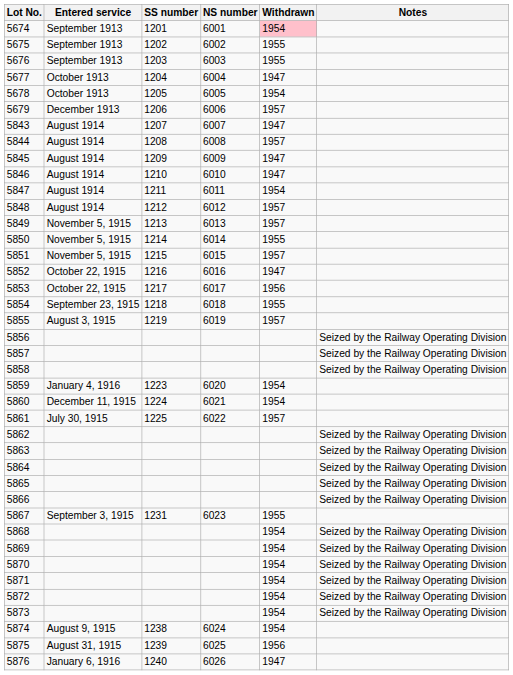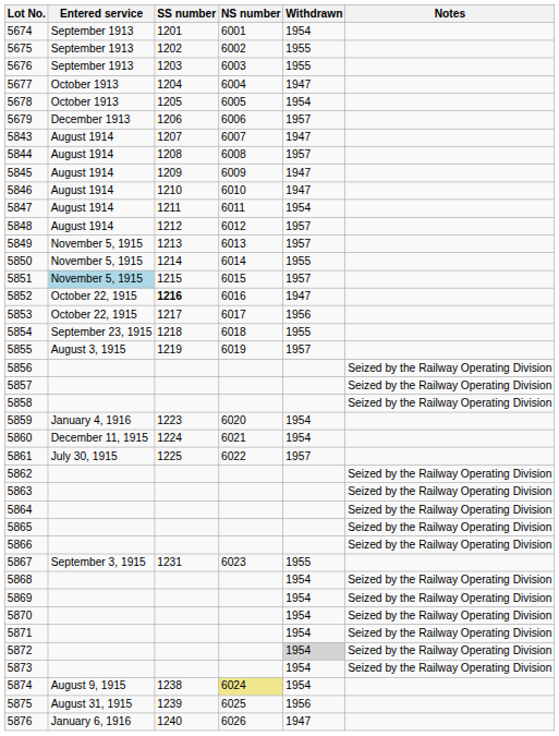 <table class="wikitable sortable mw-collapsible" style="float">
 <tr>
 <th>Lot No.</th>
 <th>Entered service</th>
 <th>SS number</th>
 <th>NS number</th>
 <th>Withdrawn</th>
 <th>Notes</th>
 </tr>
 <tr>
 <td>5674</td>
 <td>September 1913</td>
 <td>1201</td>
 <td>6001</td>
-<td style="background: pink;">1954</td>
+<td>1954</td>
 <td></td>
 </tr>
 <tr>
 <td>5675</td>
 <td>September 1913</td>
 <td>1202</td>
 <td>6002</td>
 <td>1955</td>
 <td></td>
 </tr>
 <tr>
 <td>5676</td>
 <td>September 1913</td>
 <td>1203</td>
 <td>6003</td>
 <td>1955</td>
 <td></td>
 </tr>
 <tr>
 <td>5677</td>
 <td>October 1913</td>
 <td>1204</td>
 <td>6004</td>
 <td>1947</td>
 <td></td>
 </tr>
 <tr>
 <td>5678</td>
 <td>October 1913</td>
 <td>1205</td>
 <td>6005</td>
 <td>1954</td>
 <td></td>
 </tr>
 <tr>
 <td>5679</td>
 <td>December 1913</td>
 <td>1206</td>
 <td>6006</td>
 <td>1957</td>
 <td></td>
 </tr>
 <tr>
 <td>5843</td>
 <td>August 1914</td>
 <td>1207</td>
 <td>6007</td>
 <td>1947</td>
 <td></td>
 </tr>
 <tr>
 <td>5844</td>
 <td>August 1914</td>
 <td>1208</td>
 <td>6008</td>
 <td>1957</td>
 <td></td>
 </tr>
 <tr>
 <td>5845</td>
 <td>August 1914</td>
 <td>1209</td>
 <td>6009</td>
 <td>1947</td>
 <td></td>
 </tr>
 <tr>
 <td>5846</td>
 <td>August 1914</td>
 <td>1210</td>
 <td>6010</td>
 <td>1947</td>
 <td></td>
 </tr>
 <tr>
 <td>5847</td>
 <td>August 1914</td>
 <td>1211</td>
 <td>6011</td>
 <td>1954</td>
 <td></td>
 </tr>
 <tr>
 <td>5848</td>
 <td>August 1914</td>
 <td>1212</td>
 <td>6012</td>
 <td>1957</td>
 <td></td>
 </tr>
 <tr>
 <td>5849</td>
 <td>November 5, 1915</td>
 <td>1213</td>
 <td>6013</td>
 <td>1957</td>
 <td></td>
 </tr>
 <tr>
 <td>5850</td>
 <td>November 5, 1915</td>
 <td>1214</td>
 <td>6014</td>
 <td>1955</td>
 <td></td>
 </tr>
 <tr>
 <td>5851</td>
-<td>November 5, 1915</td>
+<td style="background: lightblue;">November 5, 1915</td>
 <td>1215</td>
 <td>6015</td>
 <td>1957</td>
 <td></td>
 </tr>
 <tr>
 <td>5852</td>
 <td>October 22, 1915</td>
-<td>1216</td>
+<td><strong>1216</strong></td>
 <td>6016</td>
 <td>1947</td>
 <td></td>
 </tr>
 <tr>
 <td>5853</td>
 <td>October 22, 1915</td>
 <td>1217</td>
 <td>6017</td>
 <td>1956</td>
 <td></td>
 </tr>
 <tr>
 <td>5854</td>
 <td>September 23, 1915</td>
 <td>1218</td>
 <td>6018</td>
 <td>1955</td>
 <td></td>
 </tr>
 <tr>
 <td>5855</td>
 <td>August 3, 1915</td>
 <td>1219</td>
 <td>6019</td>
 <td>1957</td>
 <td></td>
 </tr>
 <tr>
 <td>5856</td>
 <td></td>
 <td></td>
 <td></td>
 <td></td>
 <td>Seized by the Railway Operating Division</td>
 </tr>
 <tr>
 <td>5857</td>
 <td></td>
 <td></td>
 <td></td>
 <td></td>
 <td>Seized by the Railway Operating Division</td>
 </tr>
 <tr>
 <td>5858</td>
 <td></td>
 <td></td>
 <td></td>
 <td></td>
 <td>Seized by the Railway Operating Division</td>
 </tr>
 <tr>
 <td>5859</td>
 <td>January 4, 1916</td>
 <td>1223</td>
 <td>6020</td>
 <td>1954</td>
 <td></td>
 </tr>
 <tr>
 <td>5860</td>
 <td>December 11, 1915</td>
 <td>1224</td>
 <td>6021</td>
 <td>1954</td>
 <td></td>
 </tr>
 <tr>
 <td>5861</td>
 <td>July 30, 1915</td>
 <td>1225</td>
 <td>6022</td>
 <td>1957</td>
 <td></td>
 </tr>
 <tr>
 <td>5862</td>
 <td></td>
 <td></td>
 <td></td>
 <td></td>
 <td>Seized by the Railway Operating Division</td>
 </tr>
 <tr>
 <td>5863</td>
 <td></td>
 <td></td>
 <td></td>
 <td></td>
 <td>Seized by the Railway Operating Division</td>
 </tr>
 <tr>
 <td>5864</td>
 <td></td>
 <td></td>
 <td></td>
 <td></td>
 <td>Seized by the Railway Operating Division</td>
 </tr>
 <tr>
 <td>5865</td>
 <td></td>
 <td></td>
 <td></td>
 <td></td>
 <td>Seized by the Railway Operating Division</td>
 </tr>
 <tr>
 <td>5866</td>
 <td></td>
 <td></td>
 <td></td>
 <td></td>
 <td>Seized by the Railway Operating Division</td>
 </tr>
 <tr>
 <td>5867</td>
 <td>September 3, 1915</td>
 <td>1231</td>
 <td>6023</td>
 <td>1955</td>
 <td></td>
 </tr>
 <tr>
 <td>5868</td>
 <td></td>
 <td></td>
 <td></td>
 <td>1954</td>
 <td>Seized by the Railway Operating Division</td>
 </tr>
 <tr>
 <td>5869</td>
 <td></td>
 <td></td>
 <td></td>
 <td>1954</td>
 <td>Seized by the Railway Operating Division</td>
 </tr>
 <tr>
 <td>5870</td>
 <td></td>
 <td></td>
 <td></td>
 <td>1954</td>
 <td>Seized by the Railway Operating Division</td>
 </tr>
 <tr>
 <td>5871</td>
 <td></td>
 <td></td>
 <td></td>
 <td>1954</td>
 <td>Seized by the Railway Operating Division</td>
 </tr>
 <tr>
 <td>5872</td>
 <td></td>
 <td></td>
 <td></td>
-<td>1954</td>
+<td style="background: lightgrey;">1954</td>
 <td>Seized by the Railway Operating Division</td>
 </tr>
 <tr>
 <td>5873</td>
 <td></td>
 <td></td>
 <td></td>
 <td>1954</td>
 <td>Seized by the Railway Operating Division</td>
 </tr>
 <tr>
 <td>5874</td>
 <td>August 9, 1915</td>
 <td>1238</td>
-<td>6024</td>
+<td style="background: khaki;">6024</td>
 <td>1954</td>
 <td></td>
 </tr>
 <tr>
 <td>5875</td>
 <td>August 31, 1915</td>
 <td>1239</td>
 <td>6025</td>
 <td>1956</td>
 <td></td>
 </tr>
 <tr>
 <td>5876</td>
 <td>January 6, 1916</td>
 <td>1240</td>
 <td>6026</td>
 <td>1947</td>
 <td></td>
 </tr>
 </table>
